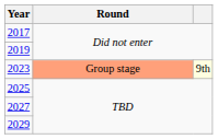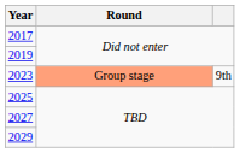 <table class="wikitable" style="text-align: center; font-size:90%">
 <tr>
 <th>Year</th>
 <th style="width:200px">Round</th>
 <th></th>
 </tr>
 <tr>
 <td><a href='#'>2017</a></td>
 <td colspan="2" rowspan="2"><em>Did not enter</em></td>
 </tr>
 <tr>
 <td><a href='#'>2019</a></td>
 </tr>
 <tr>
 <td><a href='#'>2023</a></td>
 <td style="background: lightsalmon;">Group stage</td>
-<td style="background: lightyellow;">9th</td>
+<td>9th</td>
 </tr>
 <tr>
 <td><a href='#'>2025</a></td>
 <td colspan="2" rowspan="3"><em>TBD</em></td>
 </tr>
 <tr>
 <td><a href='#'>2027</a></td>
 </tr>
 <tr>
 <td><a href='#'>2029</a></td>
 </tr>
 </table>
